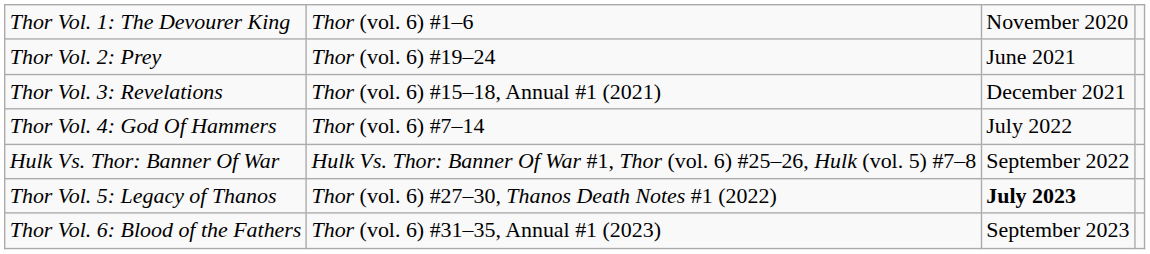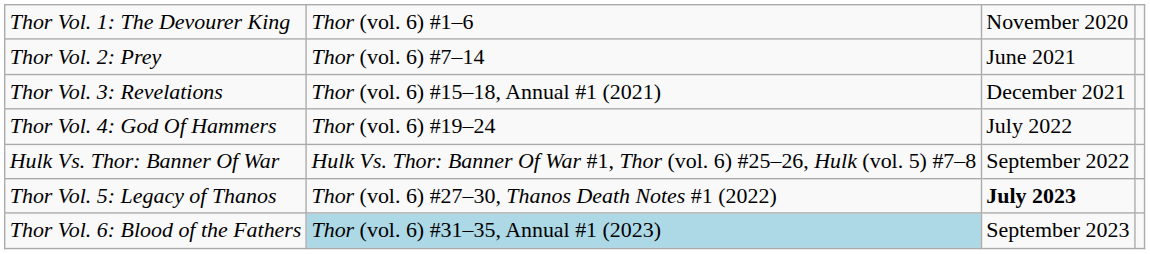 <table class="wikitable sortable">
 <tr>
 <td><em>Thor Vol. 1: The Devourer King</em></td>
 <td><em>Thor</em> (vol. 6) #1–6</td>
 <td>November 2020</td>
 <td></td>
 </tr>
 <tr>
 <td><em>Thor Vol. 2: Prey</em></td>
-<td><em>Thor</em> (vol. 6) #19–24</td>
+<td><em>Thor</em> (vol. 6) #7–14</td>
 <td>June 2021</td>
 <td></td>
 </tr>
 <tr>
 <td><em>Thor Vol. 3: Revelations</em></td>
 <td><em>Thor</em> (vol. 6) #15–18, Annual #1 (2021)</td>
 <td>December 2021</td>
 <td></td>
 </tr>
 <tr>
 <td><em>Thor Vol. 4: God Of Hammers</em></td>
-<td><em>Thor</em> (vol. 6) #7–14</td>
+<td><em>Thor</em> (vol. 6) #19–24</td>
 <td>July 2022</td>
 <td></td>
 </tr>
 <tr>
 <td><em>Hulk Vs. Thor: Banner Of War</em></td>
 <td><em>Hulk Vs. Thor: Banner Of War</em> #1, <em>Thor</em> (vol. 6) #25–26, <em>Hulk</em> (vol. 5) #7–8</td>
 <td>September 2022</td>
 <td></td>
 </tr>
 <tr>
 <td><em>Thor Vol. 5: Legacy of Thanos</em></td>
 <td><em>Thor</em> (vol. 6) #27–30, <em>Thanos Death Notes</em> #1 (2022)</td>
 <td><strong>July 2023</strong></td>
 <td></td>
 </tr>
 <tr>
 <td><em>Thor Vol. 6: Blood of the Fathers</em></td>
-<td><em>Thor</em> (vol. 6) #31–35, Annual #1 (2023)</td>
+<td style="background: lightblue;"><em>Thor</em> (vol. 6) #31–35, Annual #1 (2023)</td>
 <td>September 2023</td>
 <td></td>
 </tr>
 </table>
